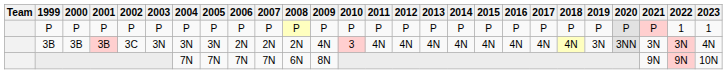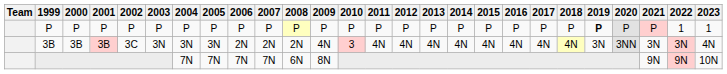 <table class="wikitable" style="font-size:85%; text-align:center;">
 <tr>
 <th scope="col">Team</th>
 <th scope="col">1999</th>
 <th scope="col">2000</th>
 <th scope="col">2001</th>
 <th scope="col">2002</th>
 <th scope="col">2003</th>
 <th scope="col">2004</th>
 <th scope="col">2005</th>
 <th scope="col">2006</th>
 <th scope="col">2007</th>
 <th scope="col">2008</th>
 <th scope="col">2009</th>
 <th scope="col">2010</th>
 <th scope="col">2011</th>
 <th scope="col">2012</th>
 <th scope="col">2013</th>
 <th scope="col">2014</th>
 <th scope="col">2015</th>
 <th scope="col">2016</th>
 <th scope="col">2017</th>
 <th scope="col">2018</th>
 <th scope="col">2019</th>
 <th scope="col">2020</th>
 <th scope="col">2021</th>
 <th scope="col">2022</th>
 <th scope="col">2023</th>
 </tr>
 <tr>
 <th scope="row"></th>
 <td>P</td>
 <td>P</td>
 <td>P</td>
 <td>P</td>
 <td>P</td>
 <td>P</td>
 <td>P</td>
 <td>P</td>
 <td>P</td>
 <td bgcolor="#ffffbf">P</td>
 <td>P</td>
 <td>P</td>
 <td>P</td>
 <td>P</td>
 <td>P</td>
 <td>P</td>
 <td>P</td>
 <td>P</td>
 <td>P</td>
 <td>P</td>
-<td>P</td>
+<td><strong>P</strong></td>
 <td bgcolor="#e2e2e2">P</td>
 <td bgcolor="#ffcfcf">P</td>
 <td>1</td>
 <td>1</td>
 </tr>
 <tr>
 <th scope="row"></th>
 <td>3B</td>
 <td>3B</td>
 <td bgcolor="#ffcfcf">3B</td>
 <td>3C</td>
 <td>3N</td>
 <td>3N</td>
 <td>3N</td>
 <td>2N</td>
 <td>2N</td>
 <td>2N</td>
 <td>4N</td>
 <td bgcolor="#ffcfcf">3</td>
 <td>4N</td>
 <td>4N</td>
 <td>4N</td>
 <td>4N</td>
 <td>4N</td>
 <td>4N</td>
 <td>4N</td>
 <td bgcolor="#ffffbf">4N</td>
 <td>3N</td>
 <td bgcolor="#e2e2e2">3NN</td>
 <td>3N</td>
 <td bgcolor="#ffcfcf">3N</td>
 <td>4N</td>
 </tr>
 <tr>
 <th scope="row"></th>
 <td bgcolor="#ececec" colspan="5"></td>
 <td>7N</td>
 <td>7N</td>
 <td>7N</td>
 <td>7N</td>
 <td>6N</td>
 <td>8N</td>
 <td bgcolor="#ececec" colspan="11"></td>
 <td>9N</td>
 <td bgcolor="#ffcfcf">9N</td>
 <td>10N</td>
 </tr>
 </table>
